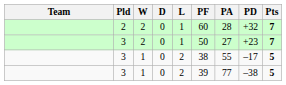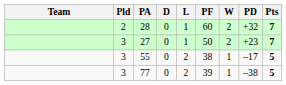 <table class="wikitable" style="text-align:center;">
 <tr>
 <th width=175>Team</th>
 <th width=25 abbr="Played">Pld</th>
-<th width=25 abbr="Won">W</th>
+<th width=32 abbr="Points against">PA</th>
 <th width=25 abbr="Drawn">D</th>
 <th width=25 abbr="Lost">L</th>
 <th width=32 abbr="Points for">PF</th>
-<th width=32 abbr="Points against">PA</th>
+<th width=25 abbr="Won">W</th>
 <th width=32 abbr="Points difference">PD</th>
 <th width=25 abbr="Points">Pts</th>
 </tr>
 <tr bgcolor=ccffcc>
 <td align=left></td>
 <td>2</td>
-<td>2</td>
+<td>28</td>
 <td>0</td>
 <td>1</td>
 <td>60</td>
-<td>28</td>
+<td>2</td>
 <td>+32</td>
 <td><strong>7</strong></td>
 </tr>
 <tr bgcolor=ccffcc>
 <td align=left></td>
 <td>3</td>
-<td>2</td>
+<td>27</td>
 <td>0</td>
 <td>1</td>
 <td>50</td>
-<td>27</td>
+<td>2</td>
 <td>+23</td>
 <td><strong>7</strong></td>
 </tr>
 <tr>
 <td align=left></td>
 <td>3</td>
-<td>1</td>
+<td>55</td>
 <td>0</td>
 <td>2</td>
 <td>38</td>
-<td>55</td>
+<td>1</td>
 <td>–17</td>
 <td><strong>5</strong></td>
 </tr>
 <tr>
 <td align=left></td>
 <td>3</td>
-<td>1</td>
+<td>77</td>
 <td>0</td>
 <td>2</td>
 <td>39</td>
-<td>77</td>
+<td>1</td>
 <td>–38</td>
 <td><strong>5</strong></td>
 </tr>
 </table>
